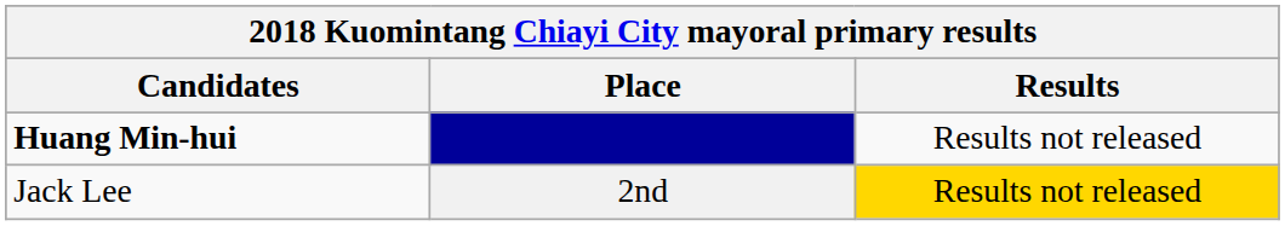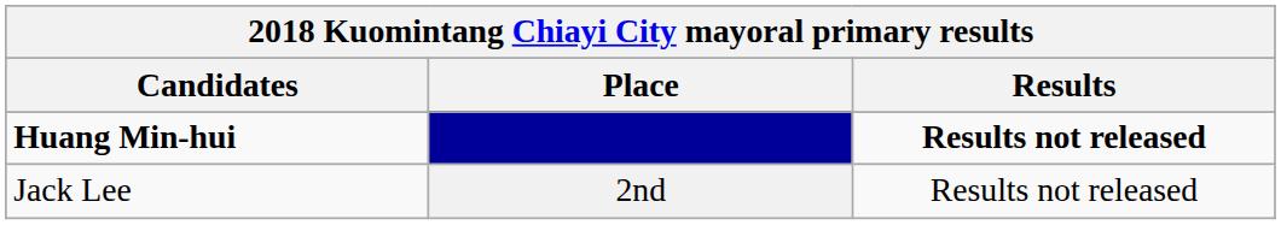 <table class="wikitable collapsible">
 <tr>
 <th colspan="5" width=600>2018 Kuomintang <a href='#'>Chiayi City</a> mayoral primary results</th>
 </tr>
 <tr>
 <th width=80>Candidates</th>
 <th width=80>Place</th>
 <th width=80>Results</th>
 </tr>
 <tr>
 <td><strong>Huang Min-hui</strong></td>
 <td style="background: #000099; text-align:center"><strong></strong></td>
-<td style="text-align:center">Results not released</td>
+<td style="text-align:center"><strong>Results not released</strong></td>
 </tr>
 <tr>
 <td>Jack Lee</td>
 <td style="background: #f1f1f1; text-align:center">2nd</td>
-<td style="background: gold; text-align:center">Results not released</td>
+<td style="text-align:center">Results not released</td>
 </tr>
 </table>
